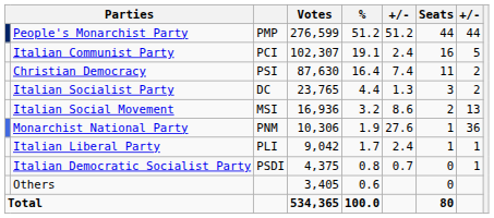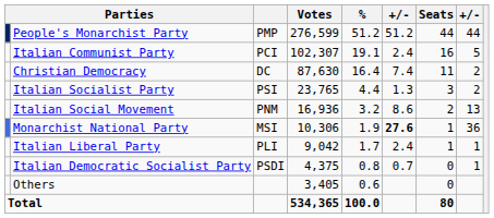 <table class="wikitable">
 <tr>
 <th colspan="2">Parties</th>
 <th></th>
 <th>Votes</th>
 <th>%</th>
 <th>+/-</th>
 <th>Seats</th>
 <th>+/-</th>
 <th rowspan="12"></th>
 </tr>
 <tr>
 <td style="background-color:#002366"></td>
 <td><a href='#'>People's Monarchist Party</a></td>
 <td>PMP</td>
 <td align=right>276,599</td>
 <td align=right>51.2</td>
 <td align=right> 51.2</td>
 <td align=right>44</td>
 <td align=right> 44</td>
 </tr>
 <tr>
 <td style="background-color:"></td>
 <td><a href='#'>Italian Communist Party</a></td>
 <td>PCI</td>
 <td align=right>102,307</td>
 <td align=right>19.1</td>
 <td align=right> 2.4</td>
 <td align=right>16</td>
 <td align=right> 5</td>
 </tr>
 <tr>
 <td style="background-color:"></td>
 <td><a href='#'>Christian Democracy</a></td>
-<td>PSI</td>
+<td>DC</td>
 <td align=right>87,630</td>
 <td align=right>16.4</td>
 <td align=right> 7.4</td>
 <td align=right>11</td>
 <td align=right> 2</td>
 </tr>
 <tr>
 <td style="background-color:"></td>
 <td><a href='#'>Italian Socialist Party</a></td>
-<td>DC</td>
+<td>PSI</td>
 <td align=right>23,765</td>
 <td align=right>4.4</td>
 <td align=right> 1.3</td>
 <td align=right>3</td>
 <td align=right> 2</td>
 </tr>
 <tr>
 <td style="background-color:"></td>
 <td><a href='#'>Italian Social Movement</a></td>
-<td>MSI</td>
+<td>PNM</td>
 <td align=right>16,936</td>
 <td align=right>3.2</td>
 <td align=right> 8.6</td>
 <td align=right>2</td>
 <td align=right> 13</td>
 </tr>
 <tr>
 <td style="background-color:royalblue"></td>
 <td><a href='#'>Monarchist National Party</a></td>
-<td>PNM</td>
+<td>MSI</td>
 <td align=right>10,306</td>
 <td align=right>1.9</td>
-<td align=right> 27.6</td>
+<td align=right><strong> 27.6</strong></td>
 <td align=right>1</td>
 <td align=right> 36</td>
 </tr>
 <tr>
 <td style="background-color:"></td>
 <td><a href='#'>Italian Liberal Party</a></td>
 <td>PLI</td>
 <td align=right>9,042</td>
 <td align=right>1.7</td>
 <td align=right> 2.4</td>
 <td align=right>1</td>
 <td align=right> 1</td>
 </tr>
 <tr>
 <td style="background-color:"></td>
 <td><a href='#'>Italian Democratic Socialist Party</a></td>
 <td>PSDI</td>
 <td align=right>4,375</td>
 <td align=right>0.8</td>
 <td align=right> 0.7</td>
 <td align=right>0</td>
 <td align=right> 1</td>
 </tr>
 <tr>
 <td style="background-color:"></td>
 <td>Others</td>
 <td></td>
 <td align=right>3,405</td>
 <td align=right>0.6</td>
 <td align=right></td>
 <td align=right>0</td>
 <td align=right></td>
 </tr>
 <tr>
 <td colspan="2"><strong>Total</strong></td>
 <td></td>
 <td align=right><strong>534,365</strong></td>
 <td align=right><strong>100.0</strong></td>
 <td align=right></td>
 <td align=right><strong>80</strong></td>
 <td align=right></td>
 </tr>
 </table>
